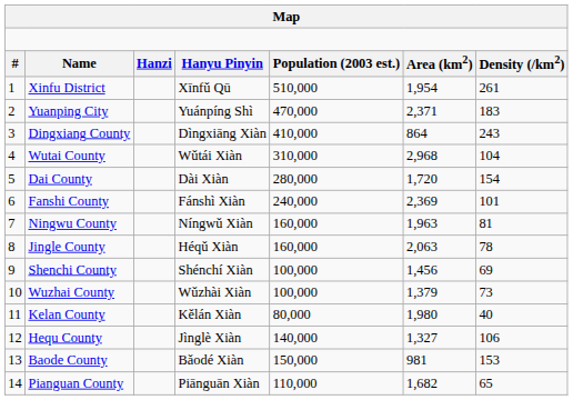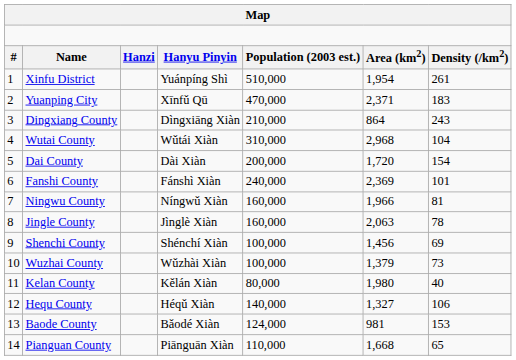 <table class="wikitable"  style="font-size:90%;" align=center>
 <tr>
 <th colspan=7 align="center">Map</th>
 </tr>
 <tr>
 <td colspan=7 align="center"><div><br>                 </div></td>
 </tr>
 <tr>
 <th>#</th>
 <th>Name</th>
 <th><a href='#'>Hanzi</a></th>
 <th><a href='#'>Hanyu Pinyin</a></th>
 <th>Population (2003 est.)</th>
 <th>Area (km<sup>2</sup>)</th>
 <th>Density (/km<sup>2</sup>)</th>
 </tr>
 <tr --------->
 <td>1</td>
 <td><a href='#'>Xinfu District</a></td>
 <td></td>
-<td>Xīnfǔ Qū</td>
+<td>Yuánpíng Shì</td>
 <td>510,000</td>
 <td>1,954</td>
 <td>261</td>
 </tr>
 <tr --------->
 <td>2</td>
 <td><a href='#'>Yuanping City</a></td>
 <td></td>
-<td>Yuánpíng Shì</td>
+<td>Xīnfǔ Qū</td>
 <td>470,000</td>
 <td>2,371</td>
 <td>183</td>
 </tr>
 <tr --------->
 <td>3</td>
 <td><a href='#'>Dingxiang County</a></td>
 <td></td>
 <td>Dìngxiāng Xiàn</td>
-<td>410,000</td>
+<td>210,000</td>
 <td>864</td>
 <td>243</td>
 </tr>
 <tr --------->
 <td>4</td>
 <td><a href='#'>Wutai County</a></td>
 <td></td>
 <td>Wǔtái Xiàn</td>
 <td>310,000</td>
 <td>2,968</td>
 <td>104</td>
 </tr>
 <tr --------->
 <td>5</td>
 <td><a href='#'>Dai County</a></td>
 <td></td>
 <td>Dài Xiàn</td>
-<td>280,000</td>
+<td>200,000</td>
 <td>1,720</td>
 <td>154</td>
 </tr>
 <tr --------->
 <td>6</td>
 <td><a href='#'>Fanshi County</a></td>
 <td></td>
 <td>Fánshì Xiàn</td>
 <td>240,000</td>
 <td>2,369</td>
 <td>101</td>
 </tr>
 <tr --------->
 <td>7</td>
 <td><a href='#'>Ningwu County</a></td>
 <td></td>
 <td>Níngwǔ Xiàn</td>
 <td>160,000</td>
-<td>1,963</td>
+<td>1,966</td>
 <td>81</td>
 </tr>
 <tr --------->
 <td>8</td>
 <td><a href='#'>Jingle County</a></td>
 <td></td>
-<td>Héqǔ Xiàn</td>
+<td>Jìnglè Xiàn</td>
 <td>160,000</td>
 <td>2,063</td>
 <td>78</td>
 </tr>
 <tr --------->
 <td>9</td>
 <td><a href='#'>Shenchi County</a></td>
 <td></td>
 <td>Shénchí Xiàn</td>
 <td>100,000</td>
 <td>1,456</td>
 <td>69</td>
 </tr>
 <tr --------->
 <td>10</td>
 <td><a href='#'>Wuzhai County</a></td>
 <td></td>
 <td>Wǔzhài Xiàn</td>
 <td>100,000</td>
 <td>1,379</td>
 <td>73</td>
 </tr>
 <tr --------->
 <td>11</td>
 <td><a href='#'>Kelan County</a></td>
 <td></td>
 <td>Kělán Xiàn</td>
 <td>80,000</td>
 <td>1,980</td>
 <td>40</td>
 </tr>
 <tr --------->
 <td>12</td>
 <td><a href='#'>Hequ County</a></td>
 <td></td>
-<td>Jìnglè Xiàn</td>
+<td>Héqǔ Xiàn</td>
 <td>140,000</td>
 <td>1,327</td>
 <td>106</td>
 </tr>
 <tr --------->
 <td>13</td>
 <td><a href='#'>Baode County</a></td>
 <td></td>
 <td>Bǎodé Xiàn</td>
-<td>150,000</td>
+<td>124,000</td>
 <td>981</td>
 <td>153</td>
 </tr>
 <tr --------->
 <td>14</td>
 <td><a href='#'>Pianguan County</a></td>
 <td></td>
 <td>Piānguān Xiàn</td>
 <td>110,000</td>
-<td>1,682</td>
+<td>1,668</td>
 <td>65</td>
 </tr>
 </table>
